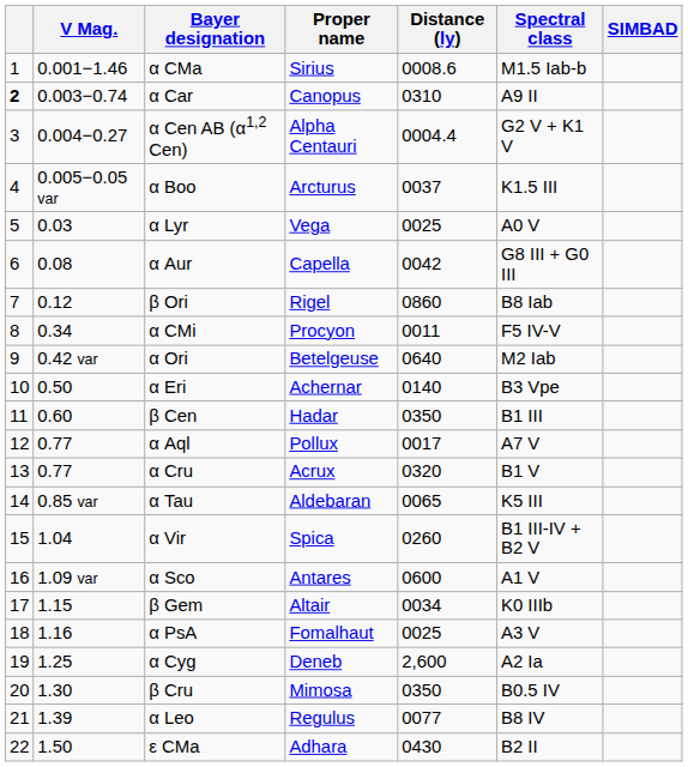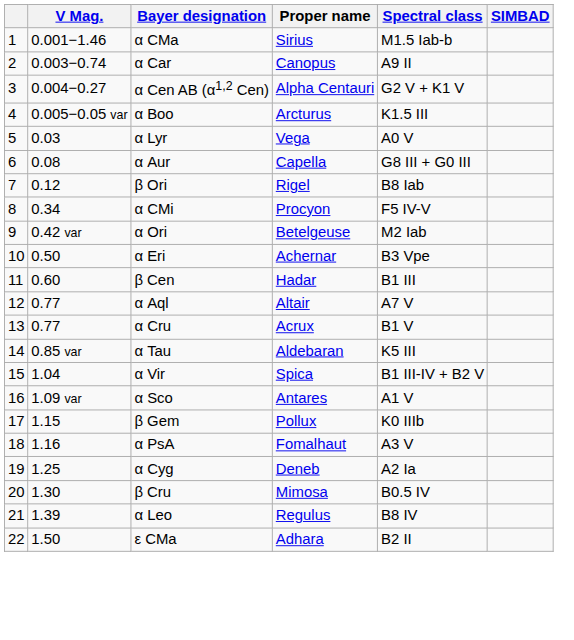 <table class="wikitable sortable">
 <tr>
 <th> </th>
 <th><a href='#'>V Mag.</a></th>
 <th><a href='#'>Bayer designation</a></th>
 <th>Proper name</th>
-<th>Distance (<a href='#'>ly</a>)</th>
 <th><a href='#'>Spectral class</a></th>
 <th><a href='#'>SIMBAD</a></th>
 </tr>
 <tr>
 <td>1</td>
 <td><span>0.001</span>−1.46</td>
 <td>α CMa</td>
 <td><a href='#'>Sirius</a></td>
-<td><span>000</span>8.6</td>
 <td style="background: ">M1.5 Iab-b</td>
 <td></td>
 </tr>
 <tr>
-<td><strong>2</strong></td>
+<td>2</td>
 <td><span>0.003</span>−0.74</td>
 <td>α Car</td>
 <td><a href='#'>Canopus</a></td>
-<td><span>0</span>310</td>
 <td style="background: ">A9 II</td>
 <td></td>
 </tr>
 <tr>
 <td>3</td>
 <td><span>0.004</span>−0.27</td>
 <td Alpha Centauri>α Cen AB (α<sup>1,2</sup> Cen)</td>
 <td><a href='#'>Alpha Centauri</a></td>
-<td><span>000</span>4.4</td>
 <td style="background: ">G2 V + K1 V</td>
 <td></td>
 </tr>
 <tr>
 <td>4</td>
 <td><span>0.005</span>−0.05 <small>var</small></td>
 <td>α Boo</td>
 <td><a href='#'>Arcturus</a></td>
-<td><span>00</span>37</td>
 <td style="background: ">K1.5 III</td>
 <td></td>
 </tr>
 <tr>
 <td>5</td>
 <td>0.03</td>
 <td>α Lyr</td>
 <td><a href='#'>Vega</a></td>
-<td><span>00</span>25</td>
 <td style="background: ">A0 V</td>
 <td></td>
 </tr>
 <tr>
 <td>6</td>
 <td>0.08</td>
 <td>α Aur</td>
 <td><a href='#'>Capella</a></td>
-<td><span>00</span>42</td>
 <td style="background: ">G8 III + G0 III</td>
 <td></td>
 </tr>
 <tr>
 <td>7</td>
 <td>0.12</td>
 <td>β Ori</td>
 <td><a href='#'>Rigel</a></td>
-<td><span>0</span>860</td>
 <td style="background: ">B8 Iab</td>
 <td></td>
 </tr>
 <tr>
 <td>8</td>
 <td>0.34</td>
 <td>α CMi</td>
 <td><a href='#'>Procyon</a></td>
-<td><span>00</span>11</td>
 <td style="background: ">F5 IV-V</td>
 <td></td>
 </tr>
 <tr>
 <td>9</td>
 <td>0.42 <small>var</small></td>
 <td>α Ori</td>
 <td><a href='#'>Betelgeuse</a></td>
-<td><span>0</span>640</td>
 <td style="background: ">M2 Iab</td>
 <td></td>
 </tr>
 <tr>
 <td>10</td>
 <td>0.50</td>
 <td>α Eri</td>
 <td><a href='#'>Achernar</a></td>
-<td><span>0</span>140</td>
 <td style="background: ">B3 Vpe</td>
 <td></td>
 </tr>
 <tr>
 <td>11</td>
 <td>0.60</td>
 <td>β Cen</td>
 <td><a href='#'>Hadar</a></td>
-<td><span>0</span>350</td>
 <td style="background: ">B1 III</td>
 <td></td>
 </tr>
 <tr>
 <td>12</td>
 <td>0.77</td>
 <td>α Aql</td>
-<td><a href='#'>Pollux</a></td>
-<td><span>00</span>17</td>
+<td><a href='#'>Altair</a></td>
 <td style="background: ">A7 V</td>
 <td></td>
 </tr>
 <tr>
 <td>13</td>
 <td>0.77</td>
 <td>α Cru</td>
 <td><a href='#'>Acrux</a></td>
-<td><span>0</span>320</td>
 <td style="background: ">B1 V</td>
 <td></td>
 </tr>
 <tr>
 <td>14</td>
 <td>0.85 <small>var</small></td>
 <td>α Tau</td>
 <td><a href='#'>Aldebaran</a></td>
-<td><span>00</span>65</td>
 <td style="background: ">K5 III</td>
 <td></td>
 </tr>
 <tr>
 <td>15</td>
 <td>1.04</td>
 <td>α Vir</td>
 <td><a href='#'>Spica</a></td>
-<td><span>0</span>260</td>
 <td style="background: ">B1 III-IV + B2 V</td>
 <td></td>
 </tr>
 <tr>
 <td>16</td>
 <td>1.09 <small>var</small></td>
 <td>α Sco</td>
 <td><a href='#'>Antares</a></td>
-<td><span>0</span>600</td>
 <td style="background: ">A1 V</td>
 <td></td>
 </tr>
 <tr>
 <td>17</td>
 <td>1.15</td>
 <td>β Gem</td>
-<td><a href='#'>Altair</a></td>
-<td><span>00</span>34</td>
+<td><a href='#'>Pollux</a></td>
 <td style="background: ">K0 IIIb</td>
 <td></td>
 </tr>
 <tr>
 <td>18</td>
 <td>1.16</td>
 <td>α PsA</td>
 <td><a href='#'>Fomalhaut</a></td>
-<td><span>00</span>25</td>
 <td style="background: ">A3 V</td>
 <td></td>
 </tr>
 <tr>
 <td>19</td>
 <td>1.25</td>
 <td>α Cyg</td>
 <td><a href='#'>Deneb</a></td>
-<td>2,600</td>
 <td style="background: ">A2 Ia</td>
 <td></td>
 </tr>
 <tr>
 <td>20</td>
 <td>1.30</td>
 <td>β Cru</td>
 <td><a href='#'>Mimosa</a></td>
-<td><span>0</span>350</td>
 <td style="background: ">B0.5 IV</td>
 <td></td>
 </tr>
 <tr>
 <td>21</td>
 <td>1.39</td>
 <td>α Leo</td>
 <td><a href='#'>Regulus</a></td>
-<td><span>00</span>77</td>
 <td style="background: ">B8 IV</td>
 <td></td>
 </tr>
 <tr>
 <td>22</td>
 <td>1.50</td>
 <td data-sort-value="CMa ε">ε CMa</td>
 <td><a href='#'>Adhara</a></td>
-<td><span>0</span>430</td>
 <td style="background: ">B2 II</td>
 <td></td>
 </tr>
 </table>
